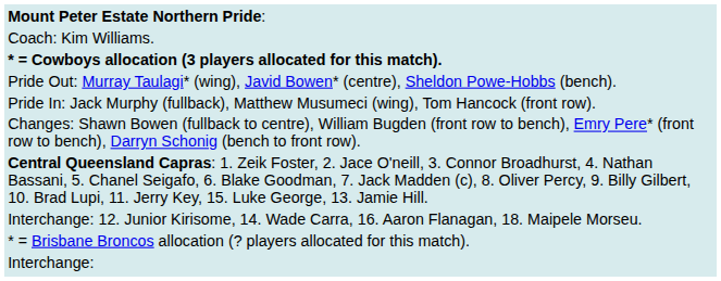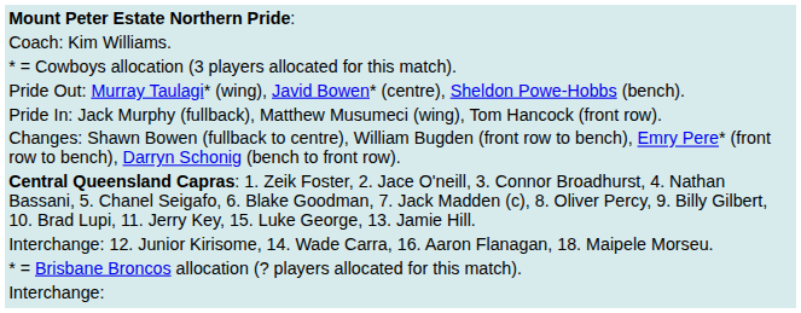 <table style="background:#d7ebed; font-size:85%; width:100%;">
 <tr>
 <td><strong>Mount Peter Estate Northern Pride</strong>:             </td>
 </tr>
 <tr>
 <td>Coach: Kim Williams.</td>
 </tr>
 <tr>
-<td><strong>* = Cowboys allocation (3 players allocated for this match).</strong></td>
+<td>* = Cowboys allocation (3 players allocated for this match).</td>
 </tr>
 <tr>
 <td>Pride Out: <a href='#'>Murray Taulagi</a>* (wing), <a href='#'>Javid Bowen</a>* (centre), <a href='#'>Sheldon Powe-Hobbs</a> (bench).</td>
 </tr>
 <tr>
 <td>Pride In: Jack Murphy (fullback), Matthew Musumeci (wing), Tom Hancock (front row).</td>
 </tr>
 <tr>
 <td>Changes: Shawn Bowen (fullback to centre), William Bugden (front row to bench), <a href='#'>Emry Pere</a>* (front row to bench), <a href='#'>Darryn Schonig</a> (bench to front row).</td>
 </tr>
 <tr>
 <td><strong>Central Queensland Capras</strong>: 1. Zeik Foster, 2. Jace O'neill, 3. Connor Broadhurst, 4. Nathan Bassani, 5. Chanel Seigafo, 6. Blake Goodman, 7. Jack Madden (c), 8. Oliver Percy, 9. Billy Gilbert, 10. Brad Lupi, 11. Jerry Key, 15. Luke George, 13. Jamie Hill.</td>
 </tr>
 <tr>
 <td>Interchange: 12. Junior Kirisome, 14. Wade Carra, 16. Aaron Flanagan, 18. Maipele Morseu.</td>
 </tr>
 <tr>
 <td>* = <a href='#'>Brisbane Broncos</a> allocation (? players allocated for this match).</td>
 </tr>
 <tr>
 <td>Interchange:    </td>
 </tr>
 <tr>
 </tr>
 </table>
